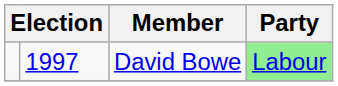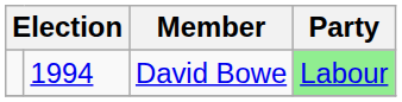 <table class="wikitable">
 <tr>
 <th colspan="2">Election</th>
 <th>Member</th>
 <th>Party</th>
 </tr>
 <tr>
 <td style="background-color: "></td>
-<td><a href='#'>1997</a></td>
+<td><a href='#'>1994</a></td>
 <td><a href='#'>David Bowe</a></td>
 <td style="background: lightgreen;"><a href='#'>Labour</a></td>
 </tr>
 <tr>
 </tr>
 </table>
